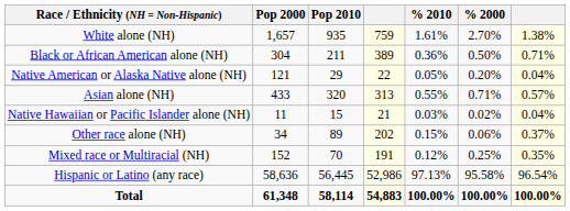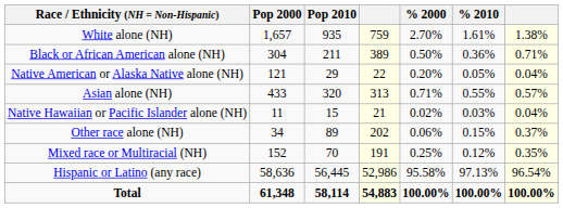 <table class="wikitable" style="text-align:center;">
 <tr>
 <th>Race / Ethnicity <small>(<em>NH = Non-Hispanic</em>)</small></th>
 <th>Pop 2000</th>
 <th>Pop 2010</th>
 <th></th>
+<th>% 2000</th>
 <th>% 2010</th>
-<th>% 2000</th>
 <th></th>
 </tr>
 <tr>
 <td><a href='#'>White</a> alone (NH)</td>
 <td>1,657</td>
 <td>935</td>
 <td style='background: #ffffe6;'>759</td>
+<td>2.70%</td>
 <td>1.61%</td>
-<td>2.70%</td>
 <td style='background: #ffffe6;'>1.38%</td>
 </tr>
 <tr>
 <td><a href='#'>Black or African American</a> alone (NH)</td>
 <td>304</td>
 <td>211</td>
 <td style='background: #ffffe6;'>389</td>
+<td>0.50%</td>
 <td>0.36%</td>
-<td>0.50%</td>
 <td style='background: #ffffe6;'>0.71%</td>
 </tr>
 <tr>
 <td><a href='#'>Native American</a> or <a href='#'>Alaska Native</a> alone (NH)</td>
 <td>121</td>
 <td>29</td>
 <td style='background: #ffffe6;'>22</td>
+<td>0.20%</td>
 <td>0.05%</td>
-<td>0.20%</td>
 <td style='background: #ffffe6;'>0.04%</td>
 </tr>
 <tr>
 <td><a href='#'>Asian</a> alone (NH)</td>
 <td>433</td>
 <td>320</td>
 <td style='background: #ffffe6;'>313</td>
+<td>0.71%</td>
 <td>0.55%</td>
-<td>0.71%</td>
 <td style='background: #ffffe6;'>0.57%</td>
 </tr>
 <tr>
 <td><a href='#'>Native Hawaiian</a> or <a href='#'>Pacific Islander</a> alone (NH)</td>
 <td>11</td>
 <td>15</td>
 <td style='background: #ffffe6;'>21</td>
+<td>0.02%</td>
 <td>0.03%</td>
-<td>0.02%</td>
 <td style='background: #ffffe6;'>0.04%</td>
 </tr>
 <tr>
 <td><a href='#'>Other race</a> alone (NH)</td>
 <td>34</td>
 <td>89</td>
 <td style='background: #ffffe6;'>202</td>
+<td>0.06%</td>
 <td>0.15%</td>
-<td>0.06%</td>
 <td style='background: #ffffe6;'>0.37%</td>
 </tr>
 <tr>
 <td><a href='#'>Mixed race or Multiracial</a> (NH)</td>
 <td>152</td>
 <td>70</td>
 <td style='background: #ffffe6;'>191</td>
+<td>0.25%</td>
 <td>0.12%</td>
-<td>0.25%</td>
 <td style='background: #ffffe6;'>0.35%</td>
 </tr>
 <tr>
 <td><a href='#'>Hispanic or Latino</a> (any race)</td>
 <td>58,636</td>
 <td>56,445</td>
 <td style='background: #ffffe6;'>52,986</td>
+<td>95.58%</td>
 <td>97.13%</td>
-<td>95.58%</td>
 <td style='background: #ffffe6;'>96.54%</td>
 </tr>
 <tr>
 <td><strong>Total</strong></td>
 <td><strong>61,348</strong></td>
 <td><strong>58,114</strong></td>
 <td style='background: #ffffe6;'><strong>54,883</strong></td>
 <td><strong>100.00%</strong></td>
 <td><strong>100.00%</strong></td>
 <td style='background: #ffffe6;'><strong>100.00%</strong></td>
 </tr>
 </table>
